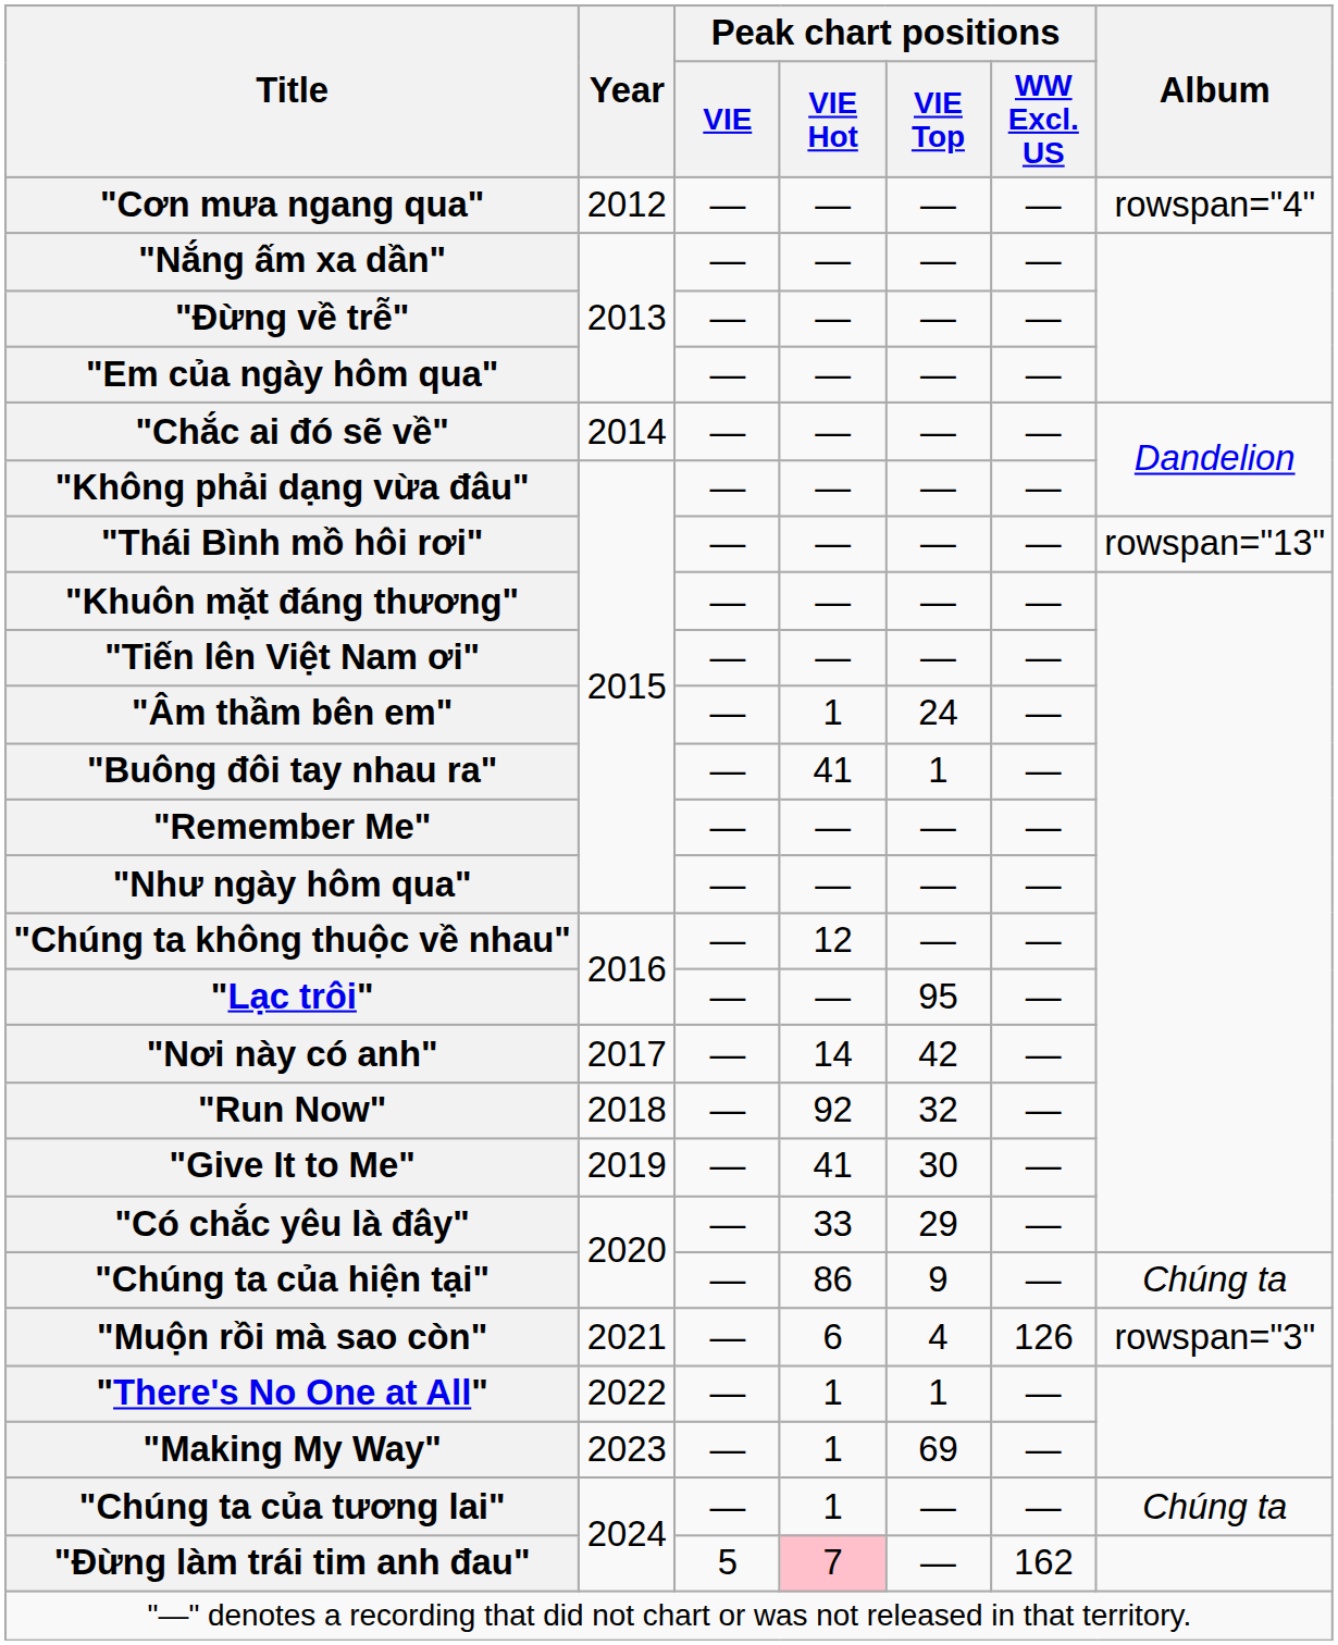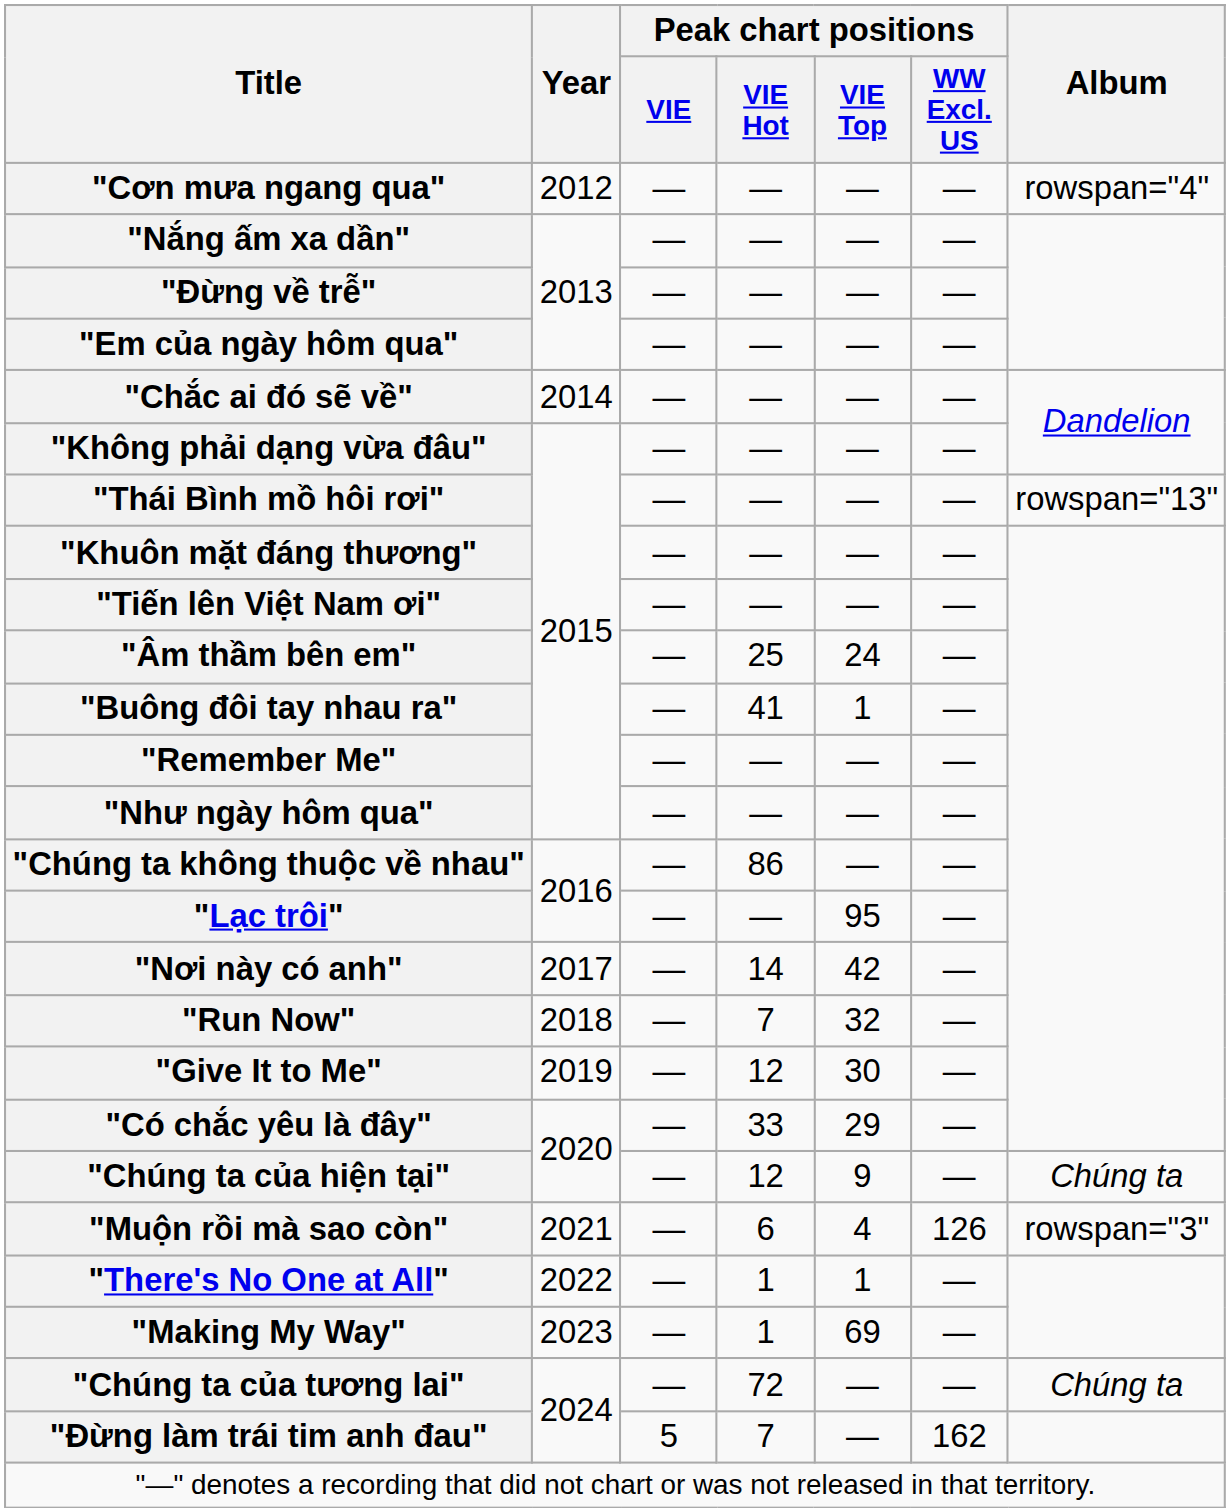 <table class="wikitable plainrowheaders" style="text-align:center">
 <tr>
 <th scope="col" rowspan="2">Title</th>
 <th scope="col" rowspan="2">Year</th>
 <th colspan="4">Peak chart positions</th>
 <th scope="col" rowspan="2">Album</th>
 </tr>
 <tr>
 <th scope="col" style="width:3em;font-size:85%"><a href='#'>VIE</a><br></th>
 <th scope="col" style="width:3em;font-size:85%"><a href='#'>VIE<br>Hot</a><br></th>
 <th scope="col" style="width:3em;font-size:85%"><a href='#'>VIE<br>Top</a><br></th>
 <th scope="col" style="width:3em;font-size:85%"><a href='#'>WW Excl. US</a><br></th>
 </tr>
 <tr>
 <th scope="row">"Cơn mưa ngang qua"</th>
 <td>2012</td>
 <td>—</td>
 <td>—</td>
 <td>—</td>
 <td>—</td>
 <td>rowspan="4" </td>
 </tr>
 <tr>
 <th scope="row">"Nắng ấm xa dần"</th>
 <td rowspan="3">2013</td>
 <td>—</td>
 <td>—</td>
 <td>—</td>
 <td>—</td>
 </tr>
 <tr>
 <th scope="row">"Đừng về trễ"</th>
 <td>—</td>
 <td>—</td>
 <td>—</td>
 <td>—</td>
 </tr>
 <tr>
 <th scope="row">"Em của ngày hôm qua"</th>
 <td>—</td>
 <td>—</td>
 <td>—</td>
 <td>—</td>
 </tr>
 <tr>
 <th scope="row">"Chắc ai đó sẽ về"</th>
 <td>2014</td>
 <td>—</td>
 <td>—</td>
 <td>—</td>
 <td>—</td>
 <td rowspan="2"><em><a href='#'>Dandelion</a></em></td>
 </tr>
 <tr>
 <th scope="row">"Không phải dạng vừa đâu"</th>
 <td rowspan="8">2015</td>
 <td>—</td>
 <td>—</td>
 <td>—</td>
 <td>—</td>
 </tr>
 <tr>
 <th scope="row">"Thái Bình mồ hôi rơi"</th>
 <td>—</td>
 <td>—</td>
 <td>—</td>
 <td>—</td>
 <td>rowspan="13" </td>
 </tr>
 <tr>
 <th scope="row">"Khuôn mặt đáng thương"</th>
 <td>—</td>
 <td>—</td>
 <td>—</td>
 <td>—</td>
 </tr>
 <tr>
 <th scope="row">"Tiến lên Việt Nam ơi"</th>
 <td>—</td>
 <td>—</td>
 <td>—</td>
 <td>—</td>
 </tr>
 <tr>
 <th scope="row">"Âm thầm bên em"</th>
 <td>—</td>
-<td>1</td>
+<td>25</td>
 <td>24</td>
 <td>—</td>
 </tr>
 <tr>
 <th scope="row">"Buông đôi tay nhau ra"</th>
 <td>—</td>
 <td>41</td>
 <td>1</td>
 <td>—</td>
 </tr>
 <tr>
 <th scope="row">"Remember Me"</th>
 <td>—</td>
 <td>—</td>
 <td>—</td>
 <td>—</td>
 </tr>
 <tr>
 <th scope="row">"Như ngày hôm qua"</th>
 <td>—</td>
 <td>—</td>
 <td>—</td>
 <td>—</td>
 </tr>
 <tr>
 <th scope="row">"Chúng ta không thuộc về nhau"</th>
 <td rowspan="2">2016</td>
 <td>—</td>
-<td>12</td>
+<td>86</td>
 <td>—</td>
 <td>—</td>
 </tr>
 <tr>
 <th scope="row">"<a href='#'>Lạc trôi</a>"</th>
 <td>—</td>
 <td>—</td>
 <td>95</td>
 <td>—</td>
 </tr>
 <tr>
 <th scope="row">"Nơi này có anh"</th>
 <td>2017</td>
 <td>—</td>
 <td>14</td>
 <td>42</td>
 <td>—</td>
 </tr>
 <tr>
 <th scope="row">"Run Now"</th>
 <td>2018</td>
 <td>—</td>
-<td>92</td>
+<td>7</td>
 <td>32</td>
 <td>—</td>
 </tr>
 <tr>
 <th scope="row">"Give It to Me"<br></th>
 <td>2019</td>
 <td>—</td>
-<td>41</td>
+<td>12</td>
 <td>30</td>
 <td>—</td>
 </tr>
 <tr>
 <th scope="row">"Có chắc yêu là đây"</th>
 <td rowspan="2">2020</td>
 <td>—</td>
 <td>33</td>
 <td>29</td>
 <td>—</td>
 </tr>
 <tr>
 <th scope="row">"Chúng ta của hiện tại"</th>
 <td>—</td>
-<td>86</td>
+<td>12</td>
 <td>9</td>
 <td>—</td>
 <td><em>Chúng ta</em></td>
 </tr>
 <tr>
 <th scope="row">"Muộn rồi mà sao còn"</th>
 <td>2021</td>
 <td>—</td>
 <td>6</td>
 <td>4</td>
 <td>126</td>
 <td>rowspan="3" </td>
 </tr>
 <tr>
 <th scope="row">"<a href='#'>There's No One at All</a>"</th>
 <td>2022</td>
 <td>—</td>
 <td>1</td>
 <td>1</td>
 <td>—</td>
 </tr>
 <tr>
 <th scope="row">"Making My Way"</th>
 <td>2023</td>
 <td>—</td>
 <td>1</td>
 <td>69</td>
 <td>—</td>
 </tr>
 <tr>
 <th scope="row">"Chúng ta của tương lai"</th>
 <td rowspan="2">2024</td>
 <td>—</td>
-<td>1</td>
+<td>72</td>
 <td>—</td>
 <td>—</td>
 <td><em>Chúng ta</em></td>
 </tr>
 <tr>
 <th scope="row">"Đừng làm trái tim anh đau"</th>
 <td>5</td>
-<td style="background: pink;">7</td>
+<td>7</td>
 <td>—</td>
 <td>162</td>
 <td></td>
 </tr>
 <tr>
 <td colspan="8" style="font-size:85%">"—" denotes a recording that did not chart or was not released in that territory.</td>
 </tr>
 </table>
